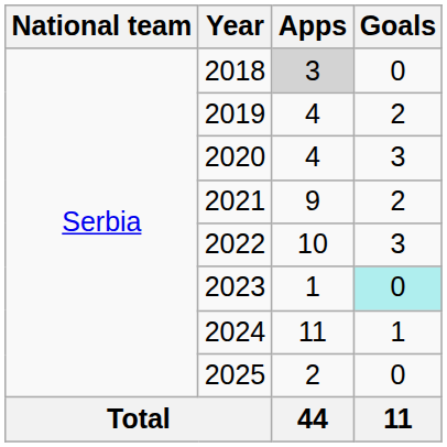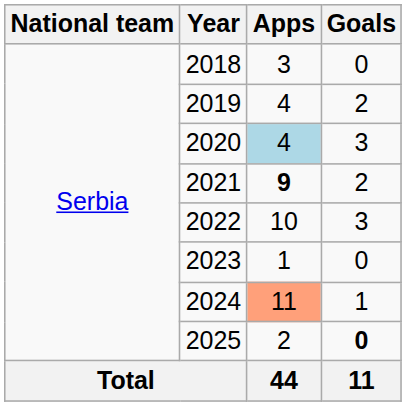 <table class="wikitable" style="text-align:center">
 <tr>
 <th>National team</th>
 <th>Year</th>
 <th>Apps</th>
 <th>Goals</th>
 </tr>
 <tr>
 <td rowspan="8"><a href='#'>Serbia</a></td>
 <td>2018</td>
-<td style="background: lightgrey;">3</td>
+<td>3</td>
 <td>0</td>
 </tr>
 <tr>
 <td>2019</td>
 <td>4</td>
 <td>2</td>
 </tr>
 <tr>
 <td>2020</td>
-<td>4</td>
+<td style="background: lightblue;">4</td>
 <td>3</td>
 </tr>
 <tr>
 <td>2021</td>
-<td>9</td>
+<td><strong>9</strong></td>
 <td>2</td>
 </tr>
 <tr>
 <td>2022</td>
 <td>10</td>
 <td>3</td>
 </tr>
 <tr>
 <td>2023</td>
 <td>1</td>
-<td style="background: paleturquoise;">0</td>
+<td>0</td>
 </tr>
 <tr>
 <td>2024</td>
-<td>11</td>
+<td style="background: lightsalmon;">11</td>
 <td>1</td>
 </tr>
 <tr>
 <td>2025</td>
 <td>2</td>
-<td>0</td>
+<td><strong>0</strong></td>
 </tr>
 <tr>
 <th colspan="2">Total</th>
 <th>44</th>
 <th>11</th>
 </tr>
 </table>
